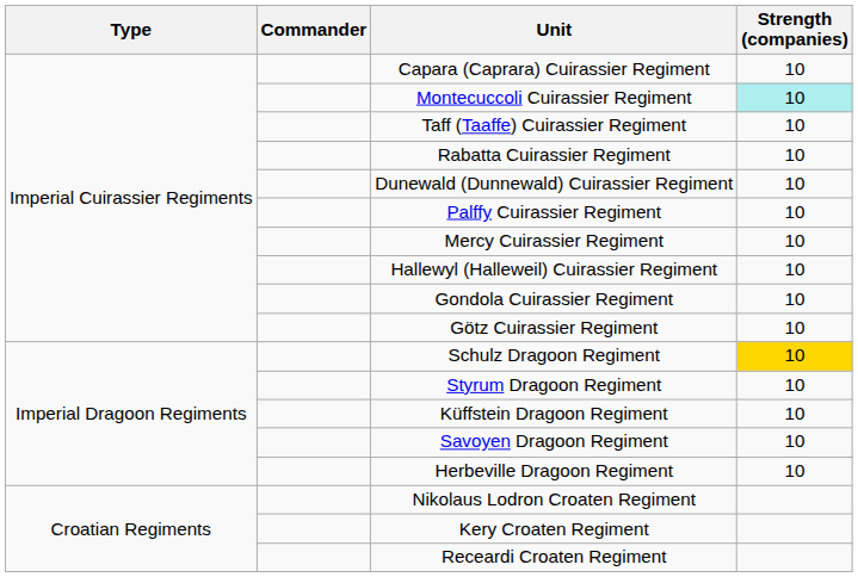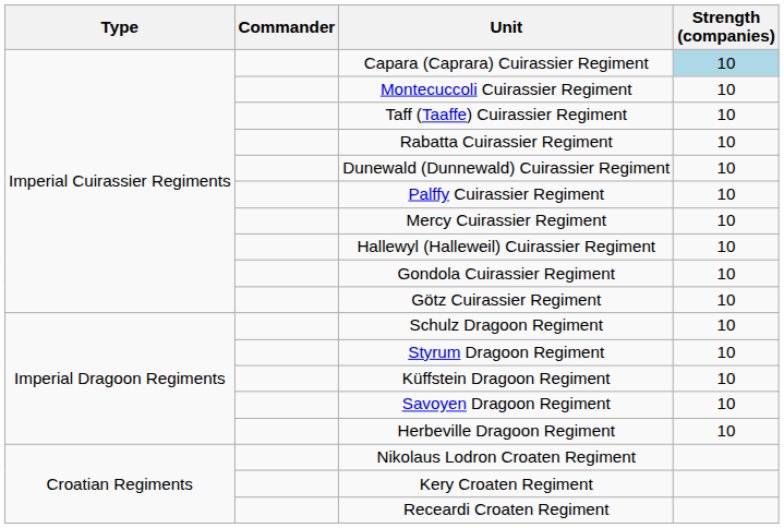 <table class="wikitable mw-collapsible" style="text-align:center" ;>
 <tr>
 <th>Type</th>
 <th>Commander</th>
 <th>Unit</th>
 <th>Strength<br>(companies)</th>
 </tr>
 <tr>
 <td rowspan="10">Imperial Cuirassier Regiments</td>
 <td></td>
 <td>Capara (Caprara) Cuirassier Regiment</td>
-<td>10</td>
+<td style="background: lightblue;">10</td>
 </tr>
 <tr>
 <td></td>
 <td><a href='#'>Montecuccoli</a> Cuirassier Regiment</td>
-<td style="background: paleturquoise;">10</td>
+<td>10</td>
 </tr>
 <tr>
 <td></td>
 <td>Taff (<a href='#'>Taaffe</a>) Cuirassier Regiment</td>
 <td>10</td>
 </tr>
 <tr>
 <td></td>
 <td>Rabatta Cuirassier Regiment</td>
 <td>10</td>
 </tr>
 <tr>
 <td></td>
 <td>Dunewald (Dunnewald) Cuirassier Regiment</td>
 <td>10</td>
 </tr>
 <tr>
 <td></td>
 <td><a href='#'>Palffy</a> Cuirassier Regiment</td>
 <td>10</td>
 </tr>
 <tr>
 <td></td>
 <td>Mercy Cuirassier Regiment</td>
 <td>10</td>
 </tr>
 <tr>
 <td></td>
 <td>Hallewyl (Halleweil) Cuirassier Regiment</td>
 <td>10</td>
 </tr>
 <tr>
 <td></td>
 <td>Gondola Cuirassier Regiment</td>
 <td>10</td>
 </tr>
 <tr>
 <td></td>
 <td>Götz Cuirassier Regiment</td>
 <td>10</td>
 </tr>
 <tr>
 <td rowspan="5">Imperial Dragoon Regiments</td>
 <td></td>
 <td>Schulz Dragoon Regiment</td>
-<td style="background: gold;">10</td>
+<td>10</td>
 </tr>
 <tr>
 <td></td>
 <td><a href='#'>Styrum</a> Dragoon Regiment</td>
 <td>10</td>
 </tr>
 <tr>
 <td></td>
 <td>Küffstein Dragoon Regiment</td>
 <td>10</td>
 </tr>
 <tr>
 <td></td>
 <td><a href='#'>Savoyen</a> Dragoon Regiment</td>
 <td>10</td>
 </tr>
 <tr>
 <td></td>
 <td>Herbeville Dragoon Regiment</td>
 <td>10</td>
 </tr>
 <tr>
 <td rowspan="3">Croatian Regiments</td>
 <td></td>
 <td>Nikolaus Lodron Croaten Regiment</td>
 <td></td>
 </tr>
 <tr>
 <td></td>
 <td>Kery Croaten Regiment</td>
 <td></td>
 </tr>
 <tr>
 <td></td>
 <td>Receardi Croaten Regiment</td>
 <td></td>
 </tr>
 </table>
